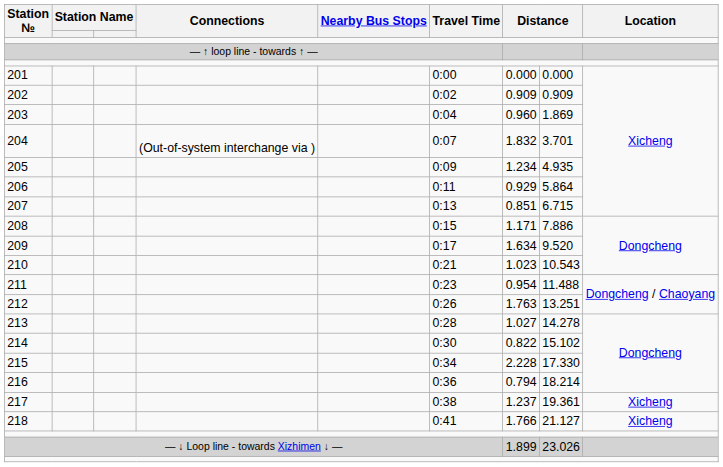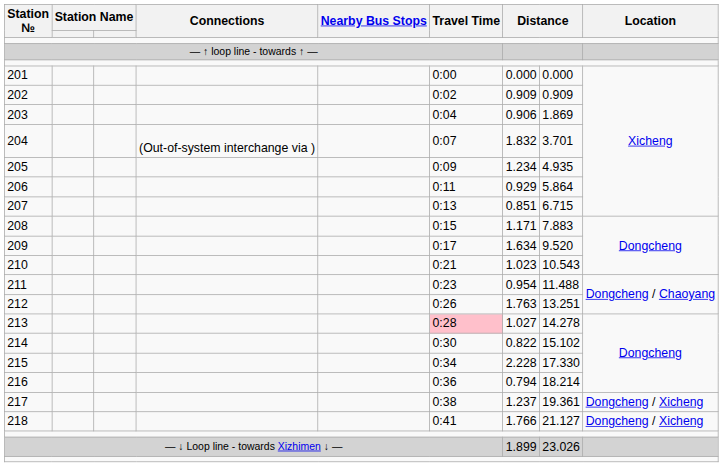 <table class="wikitable" style="margin:1em auto 1em left;">
 <tr>
 <th rowspan="2">Station<br>№</th>
 <th colspan="2">Station Name</th>
 <th rowspan="2">Connections</th>
 <th rowspan="2"><a href='#'>Nearby Bus Stops</a></th>
 <th rowspan="2">Travel Time</th>
 <th colspan="2" rowspan="2">Distance<br></th>
 <th rowspan="2">Location</th>
 </tr>
 <tr>
 <th></th>
 <th></th>
 </tr>
 <tr style="background:#">
 <td colspan = "9"></td>
 </tr>
 <tr bgcolor="lightgrey">
 <td colspan="6" style="font-size:85%; text-align:center;">— ↑ loop line - towards  ↑ —</td>
 <td colspan="2"></td>
 <td></td>
 </tr>
 <tr style="background:#">
 <td colspan = "9"></td>
 </tr>
 <tr>
 <td style="background:#">201</td>
 <td></td>
 <td></td>
 <td>     </td>
 <td align="left"></td>
 <td>0:00</td>
 <td>0.000</td>
 <td>0.000</td>
 <td style="text-align:center;" rowspan="7"><a href='#'>Xicheng</a></td>
 </tr>
 <tr>
 <td style="background:#">202</td>
 <td></td>
 <td></td>
 <td></td>
 <td align="left"></td>
 <td>0:02</td>
 <td>0.909</td>
 <td>0.909</td>
 </tr>
 <tr>
 <td style="background:#">203</td>
 <td></td>
 <td></td>
 <td></td>
 <td align="left"></td>
 <td>0:04</td>
-<td>0.960</td>
+<td>0.906</td>
 <td>1.869</td>
 </tr>
 <tr>
 <td style="background:#">204</td>
 <td></td>
 <td></td>
 <td><br> (Out-of-system interchange via )</td>
 <td align="left"></td>
 <td>0:07</td>
 <td>1.832</td>
 <td>3.701</td>
 </tr>
 <tr>
 <td style="background:#">205</td>
 <td></td>
 <td></td>
 <td></td>
 <td align="left"></td>
 <td>0:09</td>
 <td>1.234</td>
 <td>4.935</td>
 </tr>
 <tr>
 <td style="background:#">206</td>
 <td></td>
 <td></td>
 <td></td>
 <td align="left"></td>
 <td>0:11</td>
 <td>0.929</td>
 <td>5.864</td>
 </tr>
 <tr>
 <td style="background:#">207</td>
 <td></td>
 <td></td>
 <td></td>
 <td align="left"></td>
 <td>0:13</td>
 <td>0.851</td>
 <td>6.715</td>
 </tr>
 <tr>
 <td style="background:#">208</td>
 <td></td>
 <td></td>
 <td></td>
 <td align="left"></td>
 <td>0:15</td>
 <td>1.171</td>
-<td>7.886</td>
+<td>7.883</td>
 <td style="text-align:center;" rowspan="3"><a href='#'>Dongcheng</a></td>
 </tr>
 <tr>
 <td style="background:#">209</td>
 <td></td>
 <td></td>
 <td></td>
 <td align="left"></td>
 <td>0:17</td>
 <td>1.634</td>
 <td>9.520</td>
 </tr>
 <tr>
 <td style="background:#">210</td>
 <td></td>
 <td></td>
 <td>   </td>
 <td align="left"></td>
 <td>0:21</td>
 <td>1.023</td>
 <td>10.543</td>
 </tr>
 <tr>
 <td style="background:#">211</td>
 <td></td>
 <td></td>
 <td></td>
 <td align="left"></td>
 <td>0:23</td>
 <td>0.954</td>
 <td>11.488</td>
 <td style="text-align:center;" rowspan="2"><a href='#'>Dongcheng</a> / <a href='#'>Chaoyang</a></td>
 </tr>
 <tr>
 <td style="background:#">212</td>
 <td></td>
 <td></td>
 <td></td>
 <td align="left"></td>
 <td>0:26</td>
 <td>1.763</td>
 <td>13.251</td>
 </tr>
 <tr>
 <td style="background:#">213</td>
 <td></td>
 <td></td>
 <td></td>
 <td align="left"></td>
-<td>0:28</td>
+<td style="background: pink;">0:28</td>
 <td>1.027</td>
 <td>14.278</td>
 <td style="text-align:center;" rowspan="4"><a href='#'>Dongcheng</a></td>
 </tr>
 <tr>
 <td style="background:#">214</td>
 <td></td>
 <td></td>
 <td> </td>
 <td align="left"></td>
 <td>0:30</td>
 <td>0.822</td>
 <td>15.102</td>
 </tr>
 <tr>
 <td style="background:#">215</td>
 <td></td>
 <td></td>
 <td></td>
 <td align="left"></td>
 <td>0:34</td>
 <td>2.228</td>
 <td>17.330</td>
 </tr>
 <tr>
 <td style="background:#">216</td>
 <td></td>
 <td></td>
 <td></td>
 <td align="left"></td>
 <td>0:36</td>
 <td>0.794</td>
 <td>18.214</td>
 </tr>
 <tr>
 <td style="background:#">217</td>
 <td></td>
 <td></td>
 <td></td>
 <td align="left"></td>
 <td>0:38</td>
 <td>1.237</td>
 <td>19.361</td>
-<td style="text-align:center;"><a href='#'>Xicheng</a></td>
+<td><a href='#'>Dongcheng</a> / <a href='#'>Xicheng</a></td>
 </tr>
 <tr>
 <td style="background:#">218</td>
 <td></td>
 <td></td>
 <td></td>
 <td align="left"></td>
 <td>0:41</td>
 <td>1.766</td>
 <td>21.127</td>
-<td style="text-align:center;"><a href='#'>Xicheng</a></td>
+<td><a href='#'>Dongcheng</a> / <a href='#'>Xicheng</a></td>
 </tr>
 <tr style="background:#">
 <td colspan = "9"></td>
 </tr>
 <tr bgcolor="lightgrey">
 <td colspan="6" style="font-size:85%; text-align:center;">— ↓ Loop line - towards <a href='#'>Xizhimen</a> ↓ —</td>
 <td>1.899</td>
 <td>23.026</td>
 <td></td>
 </tr>
 <tr style="background:#">
 <td colspan = "9"></td>
 </tr>
 </table>
